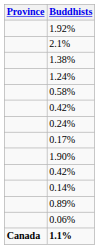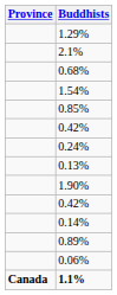 <table class="wikitable">
 <tr>
 <th><a href='#'>Province</a></th>
 <th><a href='#'>Buddhists</a></th>
 </tr>
 <tr>
 <td></td>
-<td>1.92%</td>
+<td>1.29%</td>
 </tr>
 <tr>
 <td></td>
 <td>2.1%</td>
 </tr>
 <tr>
 <td></td>
-<td>1.38%</td>
+<td>0.68%</td>
 </tr>
 <tr>
 <td></td>
-<td>1.24%</td>
+<td>1.54%</td>
 </tr>
 <tr>
 <td></td>
-<td>0.58%</td>
+<td>0.85%</td>
 </tr>
 <tr>
 <td></td>
 <td>0.42%</td>
 </tr>
 <tr>
 <td></td>
 <td>0.24%</td>
 </tr>
 <tr>
 <td></td>
-<td>0.17%</td>
+<td>0.13%</td>
 </tr>
 <tr>
 <td></td>
 <td>1.90%</td>
 </tr>
 <tr>
 <td></td>
 <td>0.42%</td>
 </tr>
 <tr>
 <td></td>
 <td>0.14%</td>
 </tr>
 <tr>
 <td></td>
 <td>0.89%</td>
 </tr>
 <tr>
 <td></td>
 <td>0.06%</td>
 </tr>
 <tr>
 <td> <strong>Canada</strong></td>
 <td><strong>1.1%</strong></td>
 </tr>
 </table>
